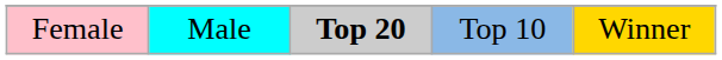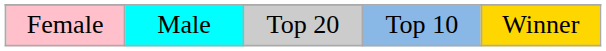 <table class="wikitable" style="margin:1em auto; text-align:center;">
 <tr>
 </tr>
 <tr>
 <td style="background:pink; width:15%;">Female</td>
 <td style="background:cyan; width:15%;">Male</td>
-<td style="background:#ccc; width:15%;"><strong>Top 20</strong></td>
+<td style="background:#ccc; width:15%;">Top 20</td>
 <td style="background:#8ab8e6; width:15%;">Top 10</td>
 <td style="background:gold; width:15%;">Winner</td>
 </tr>
 </table>
